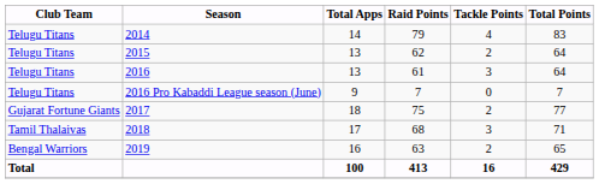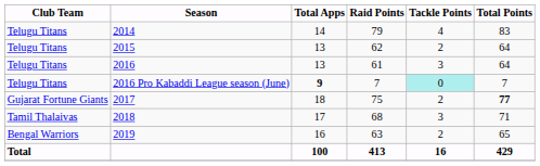 <table class="wikitable" style="text-align: center;">
 <tr>
 <th style="background:#FEFCFF; color:Black text-align:center;"><strong>Club Team</strong></th>
 <th style="background:#FEFCFF; color:black; text-align:center;"><strong>Season</strong></th>
 <th style="background:#FEFCFF; color:Black; text-align:center;"><strong>Total Apps</strong></th>
 <th style="background:#FEFCFF; color:Black; text-align:center;"><strong>Raid Points</strong></th>
 <th style="background:#FEFCFF; color:Black; text-align:center;"><strong>Tackle Points </strong></th>
 <th style="background:#FEFCFF; color:Black; text-align:center;"><strong>Total Points</strong></th>
 </tr>
 <tr>
 <td style="text-align:left"><a href='#'>Telugu Titans</a></td>
 <td style="text-align:left"><a href='#'>2014</a></td>
 <td>14</td>
 <td>79</td>
 <td>4</td>
 <td>83</td>
 </tr>
 <tr>
 <td style="text-align:left"><a href='#'>Telugu Titans</a></td>
 <td style="text-align:left"><a href='#'>2015</a></td>
 <td>13</td>
 <td>62</td>
 <td>2</td>
 <td>64</td>
 </tr>
 <tr>
 <td style="text-align:left"><a href='#'>Telugu Titans</a></td>
 <td style="text-align:left"><a href='#'>2016</a></td>
 <td>13</td>
 <td>61</td>
 <td>3</td>
 <td>64</td>
 </tr>
 <tr>
 <td style="text-align:left"><a href='#'>Telugu Titans</a></td>
 <td style="text-align:left"><a href='#'>2016 Pro Kabaddi League season (June)</a></td>
-<td>9</td>
+<td><strong>9</strong></td>
 <td>7</td>
-<td>0</td>
+<td style="background: paleturquoise;">0</td>
 <td>7</td>
 </tr>
 <tr>
 <td style="text-align:left"><a href='#'>Gujarat Fortune Giants</a></td>
 <td style="text-align:left"><a href='#'>2017</a></td>
 <td>18</td>
 <td>75</td>
 <td>2</td>
-<td>77</td>
+<td><strong>77</strong></td>
 </tr>
 <tr>
 <td style="text-align:left"><a href='#'>Tamil Thalaivas</a></td>
 <td style="text-align:left"><a href='#'>2018</a></td>
 <td>17</td>
 <td>68</td>
 <td>3</td>
 <td>71</td>
 </tr>
 <tr>
 <td style="text-align:left"><a href='#'>Bengal Warriors</a></td>
 <td style="text-align:left"><a href='#'>2019</a></td>
 <td>16</td>
 <td>63</td>
 <td>2</td>
 <td>65</td>
 </tr>
 <tr style="background:#FEFCFF ">
 <td style="text-align:left"><strong>Total</strong></td>
 <td></td>
 <td><strong>100</strong></td>
 <td><strong>413</strong></td>
 <td><strong>16</strong></td>
 <td><strong>429</strong></td>
 </tr>
 <tr>
 </tr>
 </table>
